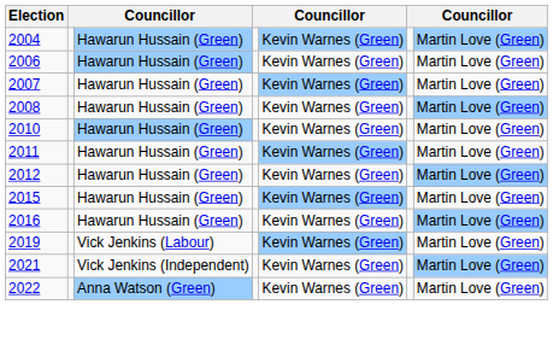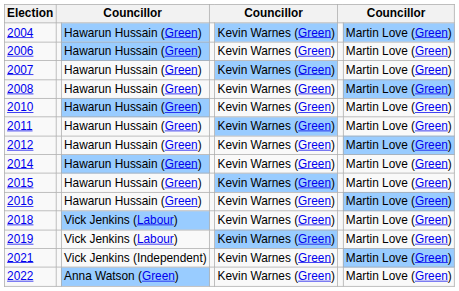 <table class="wikitable">
 <tr>
 <th>Election</th>
 <th colspan="2">Councillor</th>
 <th colspan="2">Councillor</th>
 <th colspan="2">Councillor</th>
 </tr>
 <tr>
 <td><a href='#'>2004</a></td>
 <td style="background-color: "></td>
 <td bgcolor="#99CCFF">Hawarun Hussain (<a href='#'>Green</a>)</td>
 <td style="background-color: "></td>
 <td bgcolor="#99CCFF">Kevin Warnes (<a href='#'>Green</a>)</td>
 <td style="background-color: "></td>
 <td bgcolor="#99CCFF">Martin Love (<a href='#'>Green</a>)</td>
 </tr>
 <tr>
 <td><a href='#'>2006</a></td>
 <td style="background-color: "></td>
 <td bgcolor="#99CCFF">Hawarun Hussain (<a href='#'>Green</a>)</td>
 <td style="background-color: "></td>
 <td>Kevin Warnes (<a href='#'>Green</a>)</td>
 <td style="background-color: "></td>
 <td>Martin Love (<a href='#'>Green</a>)</td>
 </tr>
 <tr>
 <td><a href='#'>2007</a></td>
 <td style="background-color: "></td>
 <td>Hawarun Hussain (<a href='#'>Green</a>)</td>
 <td style="background-color: "></td>
 <td bgcolor="#99CCFF">Kevin Warnes (<a href='#'>Green</a>)</td>
 <td style="background-color: "></td>
 <td>Martin Love (<a href='#'>Green</a>)</td>
 </tr>
 <tr>
 <td><a href='#'>2008</a></td>
 <td style="background-color: "></td>
 <td>Hawarun Hussain (<a href='#'>Green</a>)</td>
 <td style="background-color: "></td>
 <td>Kevin Warnes (<a href='#'>Green</a>)</td>
 <td style="background-color: "></td>
 <td bgcolor="#99CCFF">Martin Love (<a href='#'>Green</a>)</td>
 </tr>
 <tr>
 <td><a href='#'>2010</a></td>
 <td style="background-color: "></td>
 <td bgcolor="#99CCFF">Hawarun Hussain (<a href='#'>Green</a>)</td>
 <td style="background-color: "></td>
 <td>Kevin Warnes (<a href='#'>Green</a>)</td>
 <td style="background-color: "></td>
 <td>Martin Love (<a href='#'>Green</a>)</td>
 </tr>
 <tr>
 <td><a href='#'>2011</a></td>
 <td style="background-color: "></td>
 <td>Hawarun Hussain (<a href='#'>Green</a>)</td>
 <td style="background-color: "></td>
 <td bgcolor="#99CCFF">Kevin Warnes (<a href='#'>Green</a>)</td>
 <td style="background-color: "></td>
 <td>Martin Love (<a href='#'>Green</a>)</td>
 </tr>
 <tr>
 <td><a href='#'>2012</a></td>
 <td style="background-color: "></td>
 <td>Hawarun Hussain (<a href='#'>Green</a>)</td>
 <td style="background-color: "></td>
 <td>Kevin Warnes (<a href='#'>Green</a>)</td>
 <td style="background-color: "></td>
 <td bgcolor="#99CCFF">Martin Love (<a href='#'>Green</a>)</td>
 </tr>
 <tr>
+<td><a href='#'>2014</a></td>
+<td style="background-color: "></td>
+<td bgcolor="#99CCFF">Hawarun Hussain (<a href='#'>Green</a>)</td>
+<td style="background-color: "></td>
+<td>Kevin Warnes (<a href='#'>Green</a>)</td>
+<td style="background-color: "></td>
+<td>Martin Love (<a href='#'>Green</a>)</td>
+</tr>
+<tr>
 <td><a href='#'>2015</a></td>
 <td style="background-color: "></td>
 <td>Hawarun Hussain (<a href='#'>Green</a>)</td>
 <td style="background-color: "></td>
 <td bgcolor="#99CCFF">Kevin Warnes (<a href='#'>Green</a>)</td>
 <td style="background-color: "></td>
 <td>Martin Love (<a href='#'>Green</a>)</td>
 </tr>
 <tr>
 <td><a href='#'>2016</a></td>
 <td style="background-color: "></td>
 <td>Hawarun Hussain (<a href='#'>Green</a>)</td>
 <td style="background-color: "></td>
 <td>Kevin Warnes (<a href='#'>Green</a>)</td>
 <td style="background-color: "></td>
 <td bgcolor="#99CCFF">Martin Love (<a href='#'>Green</a>)</td>
+</tr>
+<tr>
+<td><a href='#'>2018</a></td>
+<td style="background-color: "></td>
+<td bgcolor="#99CCFF">Vick Jenkins (<a href='#'>Labour</a>)</td>
+<td style="background-color: "></td>
+<td>Kevin Warnes (<a href='#'>Green</a>)</td>
+<td style="background-color: "></td>
+<td>Martin Love (<a href='#'>Green</a>)</td>
 </tr>
 <tr>
 <td><a href='#'>2019</a></td>
 <td style="background-color: "></td>
 <td>Vick Jenkins (<a href='#'>Labour</a>)</td>
 <td style="background-color: "></td>
 <td bgcolor="#99CCFF">Kevin Warnes (<a href='#'>Green</a>)</td>
 <td style="background-color: "></td>
 <td>Martin Love (<a href='#'>Green</a>)</td>
 </tr>
 <tr>
 <td><a href='#'>2021</a></td>
 <td style="background-color: "></td>
 <td>Vick Jenkins (Independent)</td>
 <td style="background-color: "></td>
 <td>Kevin Warnes (<a href='#'>Green</a>)</td>
 <td style="background-color: "></td>
 <td bgcolor="#99CCFF">Martin Love (<a href='#'>Green</a>)</td>
 </tr>
 <tr>
 <td><a href='#'>2022</a></td>
 <td style="background-color: "></td>
 <td bgcolor="#99CCFF">Anna Watson (<a href='#'>Green</a>)</td>
 <td style="background-color: "></td>
 <td>Kevin Warnes (<a href='#'>Green</a>)</td>
 <td style="background-color: "></td>
 <td>Martin Love (<a href='#'>Green</a>)</td>
 </tr>
 </table>
